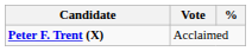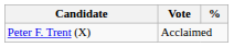 <table class="wikitable">
 <tr>
 <th bgcolor="#DDDDFF" width="200px">Candidate</th>
 <th bgcolor="#DDDDFF" width="50px">Vote</th>
 <th bgcolor="#DDDDFF" width="30px">%</th>
 </tr>
 <tr>
-<td><strong><a href='#'>Peter F. Trent</a> (X)</strong></td>
+<td><a href='#'>Peter F. Trent</a> (X)</td>
 <td colspan="2">Acclaimed</td>
 </tr>
 </table>
